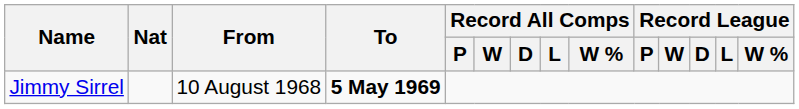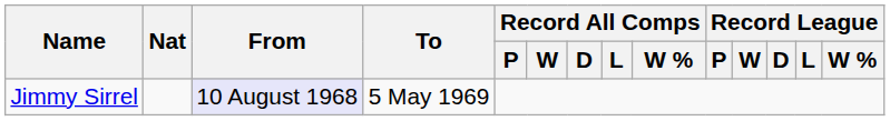 <table style="text-align: center" class="wikitable">
 <tr>
 <th rowspan="2">Name</th>
 <th rowspan="2">Nat</th>
 <th rowspan="2">From</th>
 <th rowspan="2">To</th>
 <th colspan="5">Record All Comps</th>
 <th colspan="5">Record League</th>
 </tr>
 <tr>
 <th>P</th>
 <th>W</th>
 <th>D</th>
 <th>L</th>
 <th>W %</th>
 <th>P</th>
 <th>W</th>
 <th>D</th>
 <th>L</th>
 <th>W %</th>
 </tr>
 <tr>
 <td style="text-align:left;"><a href='#'>Jimmy Sirrel</a></td>
 <td></td>
-<td style="text-align:left;">10 August 1968</td>
-<td style="text-align:left;"><strong>5 May 1969<br> </strong></td>
+<td style="background: lavender; text-align:left;">10 August 1968</td>
+<td style="text-align:left;">5 May 1969<br> </td>
 </tr>
 </table>
